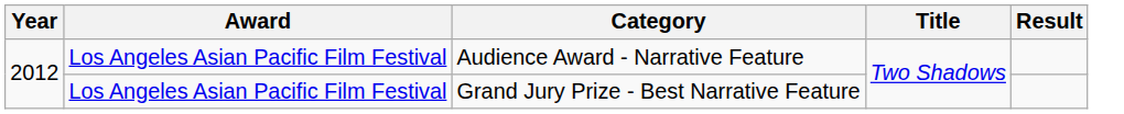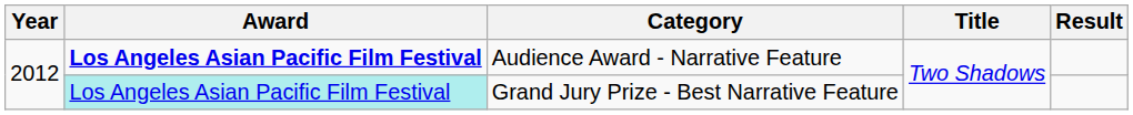 <table class="wikitable sortable">
 <tr>
 <th>Year</th>
 <th>Award</th>
 <th>Category</th>
 <th>Title</th>
 <th>Result</th>
 </tr>
 <tr>
 <td rowspan="2">2012</td>
-<td><a href='#'>Los Angeles Asian Pacific Film Festival</a></td>
+<td><strong><a href='#'>Los Angeles Asian Pacific Film Festival</a></strong></td>
 <td>Audience Award - Narrative Feature</td>
 <td rowspan=2><em><a href='#'>Two Shadows</a></em></td>
 <td></td>
 </tr>
 <tr>
-<td><a href='#'>Los Angeles Asian Pacific Film Festival</a></td>
+<td style="background: paleturquoise;"><a href='#'>Los Angeles Asian Pacific Film Festival</a></td>
 <td>Grand Jury Prize - Best Narrative Feature</td>
 <td></td>
 </tr>
 </table>
